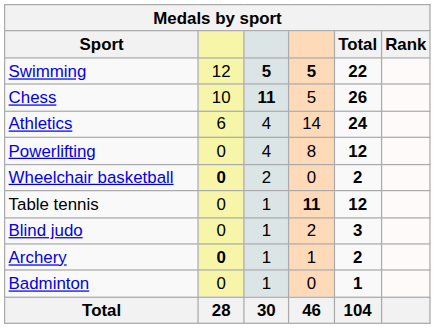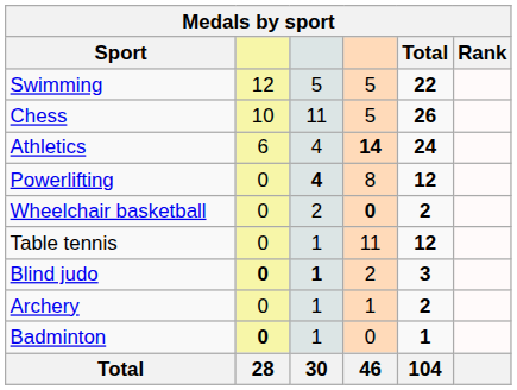 <table class="wikitable" style=font-size:85%;float:center;text-align:center>
 <tr>
 <th colspan=6><strong>Medals by sport</strong></th>
 </tr>
 <tr>
 <th width=150>Sport</th>
 <th scope="col" width=30 style="background:#F7F6A8;"></th>
 <th scope="col" width=30 style="background:#DCE5E5;"></th>
 <th scope="col" width=30 style="background:#FFDAB9;"></th>
 <th width=30>Total</th>
 <th width=30>Rank</th>
 </tr>
 <tr>
 <td align=left><a href='#'>Swimming</a></td>
 <td style="background:#F7F6A8;">12</td>
-<td style="background:#DCE5E5;"><strong>5</strong></td>
-<td style="background:#FFDAB9;"><strong>5</strong></td>
+<td style="background:#DCE5E5;">5</td>
+<td style="background:#FFDAB9;">5</td>
 <td><strong>22</strong></td>
 <td style="background:#FFFAFA;"><strong> </strong></td>
 </tr>
 <tr>
 <td align=left><a href='#'>Chess</a></td>
 <td style="background:#F7F6A8;">10</td>
-<td style="background:#DCE5E5;"><strong>11</strong></td>
+<td style="background:#DCE5E5;">11</td>
 <td style="background:#FFDAB9;">5</td>
 <td><strong>26</strong></td>
 <td style="background:#FFFAFA;"><strong> </strong></td>
 </tr>
 <tr>
 <td align=left><a href='#'>Athletics</a></td>
 <td style="background:#F7F6A8;">6</td>
 <td style="background:#DCE5E5;">4</td>
-<td style="background:#FFDAB9;">14</td>
+<td style="background:#FFDAB9;"><strong>14</strong></td>
 <td><strong>24</strong></td>
 <td style="background:#FFFAFA;"><strong> </strong></td>
 </tr>
 <tr>
 <td align=left><a href='#'>Powerlifting</a></td>
 <td style="background:#F7F6A8;">0</td>
-<td style="background:#DCE5E5;">4</td>
+<td style="background:#DCE5E5;"><strong>4</strong></td>
 <td style="background:#FFDAB9;">8</td>
 <td><strong>12</strong></td>
 <td style="background:#FFFAFA;"><strong> </strong></td>
 </tr>
 <tr>
 <td align=left><a href='#'>Wheelchair basketball</a></td>
-<td style="background:#F7F6A8;"><strong>0</strong></td>
+<td style="background:#F7F6A8;">0</td>
 <td style="background:#DCE5E5;">2</td>
-<td style="background:#FFDAB9;">0</td>
+<td style="background:#FFDAB9;"><strong>0</strong></td>
 <td><strong>2</strong></td>
 <td style="background:#FFFAFA;"><strong> </strong></td>
 </tr>
 <tr>
 <td align=left>Table tennis</td>
 <td style="background:#F7F6A8;">0</td>
 <td style="background:#DCE5E5;">1</td>
-<td style="background:#FFDAB9;"><strong>11</strong></td>
+<td style="background:#FFDAB9;">11</td>
 <td><strong>12</strong></td>
 <td style="background:#FFFAFA;"><strong> </strong></td>
 </tr>
 <tr>
 <td align=left><a href='#'>Blind judo</a></td>
-<td style="background:#F7F6A8;">0</td>
-<td style="background:#DCE5E5;">1</td>
+<td style="background:#F7F6A8;"><strong>0</strong></td>
+<td style="background:#DCE5E5;"><strong>1</strong></td>
 <td style="background:#FFDAB9;">2</td>
 <td><strong>3</strong></td>
 <td style="background:#FFFAFA;"><strong> </strong></td>
 </tr>
 <tr>
 <td align=left><a href='#'>Archery</a></td>
-<td style="background:#F7F6A8;"><strong>0</strong></td>
+<td style="background:#F7F6A8;">0</td>
 <td style="background:#DCE5E5;">1</td>
 <td style="background:#FFDAB9;">1</td>
 <td><strong>2</strong></td>
 <td style="background:#FFFAFA;"><strong> </strong></td>
 </tr>
 <tr>
 <td align=left><a href='#'>Badminton</a></td>
-<td style="background:#F7F6A8;">0</td>
+<td style="background:#F7F6A8;"><strong>0</strong></td>
 <td style="background:#DCE5E5;">1</td>
 <td style="background:#FFDAB9;">0</td>
 <td><strong>1</strong></td>
 <td style="background:#FFFAFA;"><strong> </strong></td>
 </tr>
 <tr class="sortbottom">
 <th>Total</th>
 <th>28</th>
 <th>30</th>
 <th>46</th>
 <th>104</th>
 <th></th>
 </tr>
 </table>
